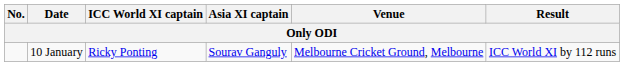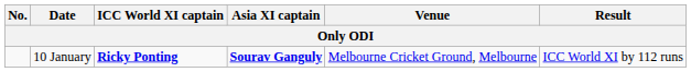 <table class="wikitable">
 <tr>
 <th>No.</th>
 <th>Date</th>
 <th>ICC World XI captain</th>
 <th>Asia XI captain</th>
 <th>Venue</th>
 <th>Result</th>
 </tr>
 <tr>
 <th colspan="6">Only ODI</th>
 </tr>
 <tr>
 <td></td>
 <td>10 January</td>
-<td><a href='#'>Ricky Ponting</a></td>
-<td><a href='#'>Sourav Ganguly</a></td>
+<td><strong><a href='#'>Ricky Ponting</a></strong></td>
+<td><strong><a href='#'>Sourav Ganguly</a></strong></td>
 <td><a href='#'>Melbourne Cricket Ground</a>, <a href='#'>Melbourne</a></td>
 <td><a href='#'>ICC World XI</a> by 112 runs</td>
 </tr>
 </table>
